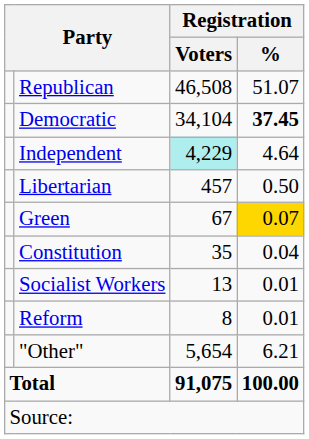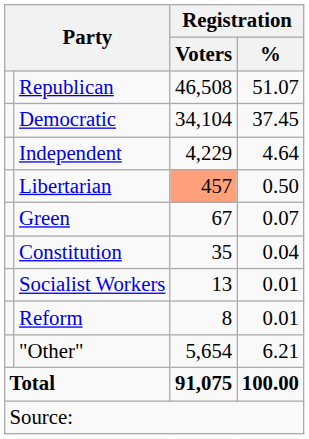 <table class="wikitable">
 <tr>
 <th colspan="2" rowspan="2">Party</th>
 <th colspan="2">Registration</th>
 </tr>
 <tr>
 <th>Voters</th>
 <th>%</th>
 </tr>
 <tr>
 <td style="background-color:"></td>
 <td><a href='#'>Republican</a></td>
 <td style="text-align:right;">46,508</td>
 <td style="text-align:right;">51.07</td>
 </tr>
 <tr>
 <td style="background-color:"></td>
 <td><a href='#'>Democratic</a></td>
 <td style="text-align:right;">34,104</td>
-<td style="text-align:right;"><strong>37.45</strong></td>
+<td style="text-align:right;">37.45</td>
 </tr>
 <tr>
 <td style="background-color:"></td>
 <td><a href='#'>Independent</a></td>
-<td style="background: paleturquoise; text-align:right;">4,229</td>
+<td style="text-align:right;">4,229</td>
 <td style="text-align:right;">4.64</td>
 </tr>
 <tr>
 <td style="background-color:"></td>
 <td><a href='#'>Libertarian</a></td>
-<td style="text-align:right;">457</td>
+<td style="background: lightsalmon; text-align:right;">457</td>
 <td style="text-align:right;">0.50</td>
 </tr>
 <tr>
 <td style="background-color:"></td>
 <td><a href='#'>Green</a></td>
 <td style="text-align:right;">67</td>
-<td style="background: gold; text-align:right;">0.07</td>
+<td style="text-align:right;">0.07</td>
 </tr>
 <tr>
 <td style="background-color:"></td>
 <td><a href='#'>Constitution</a></td>
 <td style="text-align:right;">35</td>
 <td style="text-align:right;">0.04</td>
 </tr>
 <tr>
 <td style="background-color:"></td>
 <td><a href='#'>Socialist Workers</a></td>
 <td style="text-align:right;">13</td>
 <td style="text-align:right;">0.01</td>
 </tr>
 <tr>
 <td style="background-color:"></td>
 <td><a href='#'>Reform</a></td>
 <td style="text-align:right;">8</td>
 <td style="text-align:right;">0.01</td>
 </tr>
 <tr>
 <td></td>
 <td>"Other"</td>
 <td style="text-align:right;">5,654</td>
 <td style="text-align:right;">6.21</td>
 </tr>
 <tr>
 <td colspan="2"><strong>Total</strong></td>
 <td style="text-align:right;"><strong>91,075</strong></td>
 <td style="text-align:right;"><strong>100.00</strong></td>
 </tr>
 <tr>
 <td colspan="4">Source: <em></em></td>
 </tr>
 </table>
